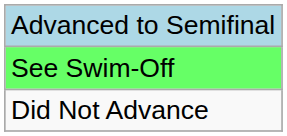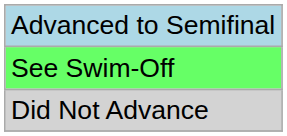 <table class="wikitable">
 <tr bgcolor=lightblue>
 <td>Advanced to Semifinal</td>
 </tr>
 <tr bgcolor=66ff66>
 <td>See Swim-Off</td>
 </tr>
 <tr>
-<td>Did Not Advance</td>
+<td style="background: lightgrey;">Did Not Advance</td>
 </tr>
 </table>
